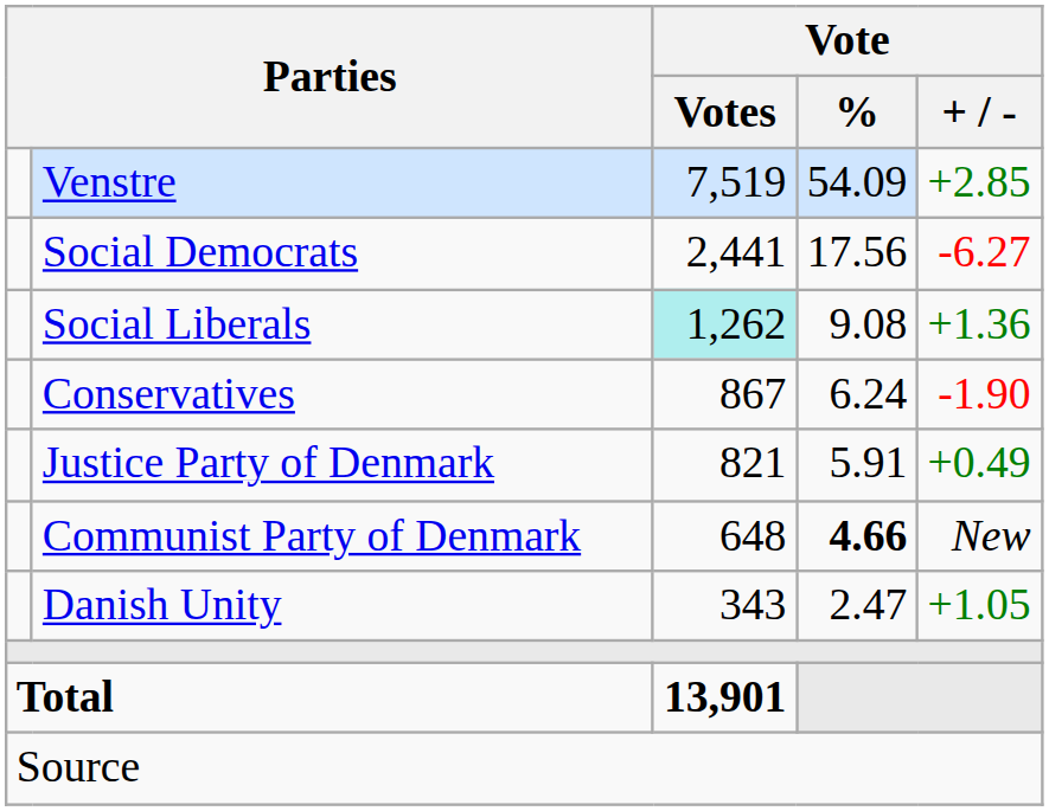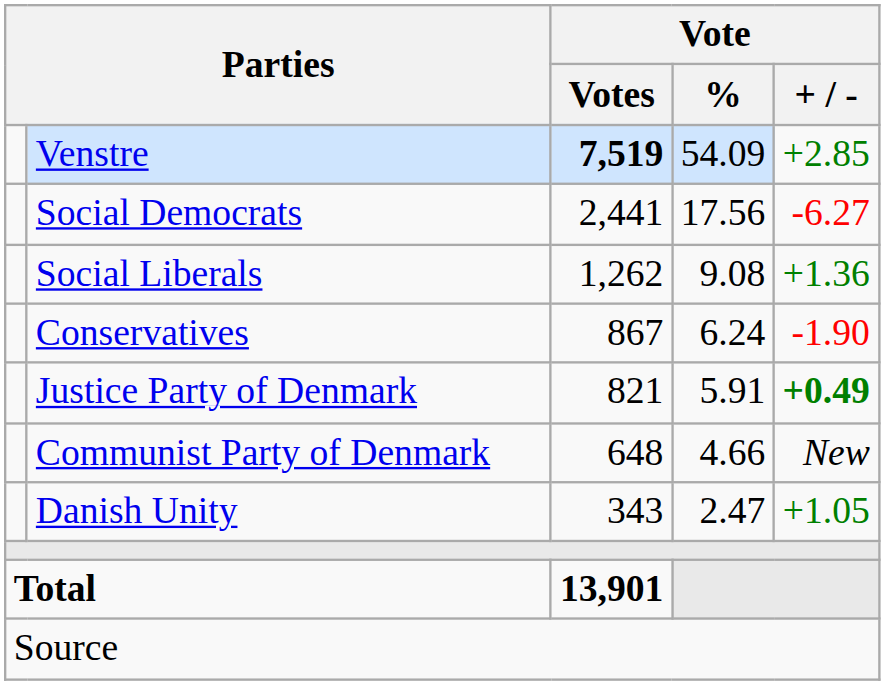 <table class="wikitable" style="text-align:right;">
 <tr>
 <th style="text-align:centre;" rowspan="2" colspan="2" width="225">Parties</th>
 <th colspan="3">Vote</th>
 </tr>
 <tr>
 <th width="15">Votes</th>
 <th width="15">%</th>
 <th width="15">+ / -</th>
 </tr>
 <tr>
 <td width="2" style="color:inherit;background:"></td>
 <td bgcolor=#cfe5fe  align="left"><a href='#'>Venstre</a></td>
-<td bgcolor=#cfe5fe>7,519</td>
+<td bgcolor=#cfe5fe><strong>7,519</strong></td>
 <td bgcolor=#cfe5fe>54.09</td>
 <td style=color:green;>+2.85</td>
 </tr>
 <tr>
 <td width="2" style="color:inherit;background:"></td>
 <td align="left"><a href='#'>Social Democrats</a></td>
 <td>2,441</td>
 <td>17.56</td>
 <td style=color:red;>-6.27</td>
 </tr>
 <tr>
 <td width="2" style="color:inherit;background:"></td>
 <td align="left"><a href='#'>Social Liberals</a></td>
-<td style="background: paleturquoise;">1,262</td>
+<td>1,262</td>
 <td>9.08</td>
 <td style=color:green;>+1.36</td>
 </tr>
 <tr>
 <td width="2" style="color:inherit;background:"></td>
 <td align="left"><a href='#'>Conservatives</a></td>
 <td>867</td>
 <td>6.24</td>
 <td style=color:red;>-1.90</td>
 </tr>
 <tr>
 <td width="2" style="color:inherit;background:"></td>
 <td align="left"><a href='#'>Justice Party of Denmark</a></td>
 <td>821</td>
 <td>5.91</td>
-<td style=color:green;>+0.49</td>
+<td style=color:green;><strong>+0.49</strong></td>
 </tr>
 <tr>
 <td width="2" style="color:inherit;background:"></td>
 <td align="left"><a href='#'>Communist Party of Denmark</a></td>
 <td>648</td>
-<td><strong>4.66</strong></td>
+<td>4.66</td>
 <td><em>New</em></td>
 </tr>
 <tr>
 <td width="2" style="color:inherit;background:"></td>
 <td align="left"><a href='#'>Danish Unity</a></td>
 <td>343</td>
 <td>2.47</td>
 <td style=color:green;>+1.05</td>
 </tr>
 <tr>
 <td colspan="7" bgcolor="#E9E9E9"></td>
 </tr>
 <tr>
 <td align="left" colspan="2"><strong>Total</strong></td>
 <td><strong>13,901</strong></td>
 <td bgcolor="#E9E9E9" colspan="2"></td>
 </tr>
 <tr>
 <td align="left" colspan="6">Source</td>
 </tr>
 </table>
